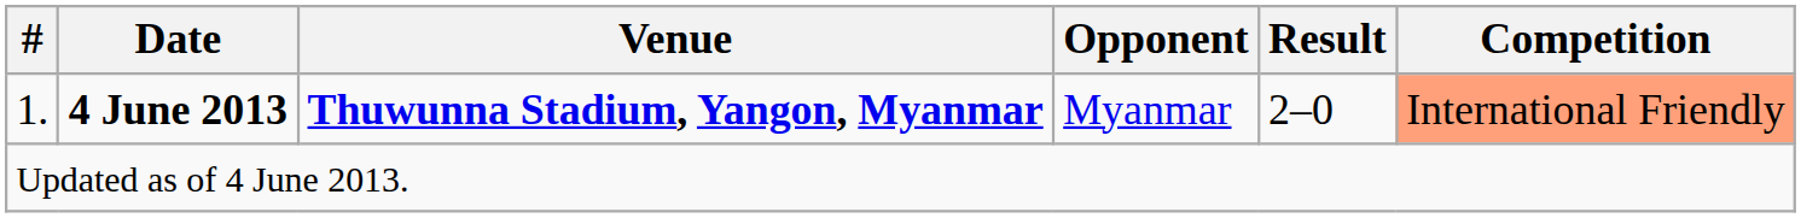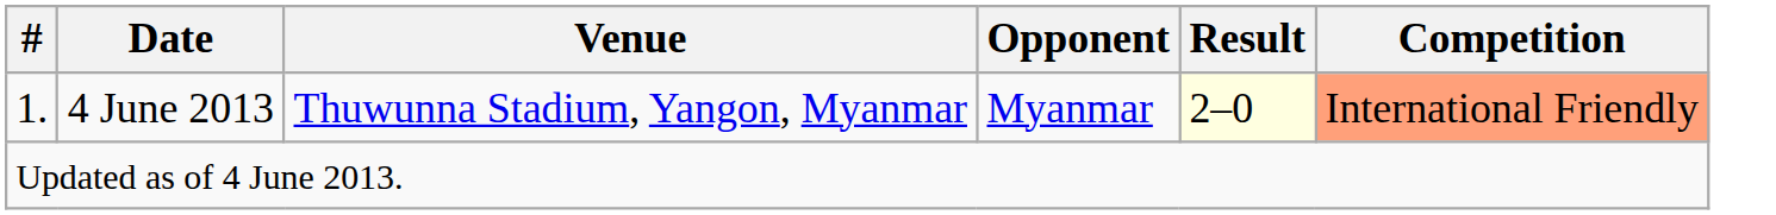 <table class="wikitable">
 <tr>
 <th>#</th>
 <th>Date</th>
 <th>Venue</th>
 <th>Opponent</th>
 <th>Result</th>
 <th>Competition</th>
 </tr>
 <tr>
 <td>1.</td>
-<td><strong>4 June 2013</strong></td>
-<td><strong><a href='#'>Thuwunna Stadium</a>, <a href='#'>Yangon</a>, <a href='#'>Myanmar</a></strong></td>
+<td>4 June 2013</td>
+<td><a href='#'>Thuwunna Stadium</a>, <a href='#'>Yangon</a>, <a href='#'>Myanmar</a></td>
 <td> <a href='#'>Myanmar</a></td>
-<td>2–0</td>
+<td style="background: lightyellow;">2–0</td>
 <td style="background: lightsalmon;">International Friendly</td>
 </tr>
 <tr>
 <td colspan="12"><small>Updated as of 4 June 2013.</small></td>
 </tr>
 </table>
